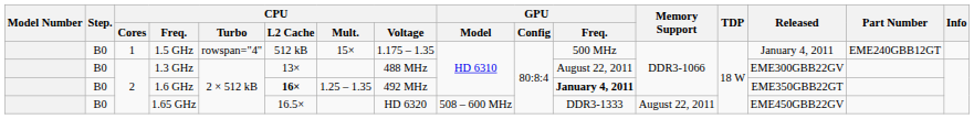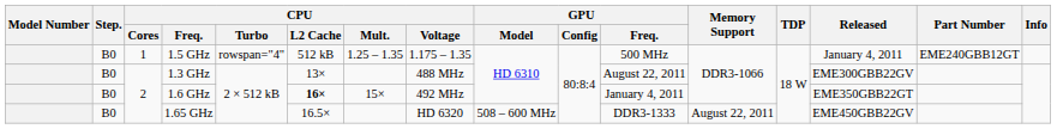 <table class="wikitable" style="text-align: center;">
 <tr>
 <th rowspan="2">Model Number</th>
 <th rowspan="2">Step.</th>
 <th colspan="6">CPU</th>
 <th colspan="3">GPU</th>
 <th rowspan="2">Memory<br>Support</th>
 <th rowspan="2">TDP</th>
 <th rowspan="2">Released</th>
 <th rowspan="2">Part Number</th>
 <th rowspan="2">Info</th>
 </tr>
 <tr>
 <th>Cores</th>
 <th>Freq.</th>
 <th>Turbo</th>
 <th>L2 Cache</th>
 <th>Mult.</th>
 <th>Voltage</th>
 <th>Model</th>
 <th>Config</th>
 <th>Freq.</th>
 </tr>
 <tr>
 <th style="text-align: left;"></th>
 <td>B0</td>
 <td>1</td>
 <td>1.5 GHz</td>
 <td>rowspan="4" </td>
 <td>512 kB</td>
-<td>15×</td>
+<td>1.25 – 1.35</td>
 <td>1.175 – 1.35</td>
 <td rowspan="3"><a href='#'>HD 6310</a></td>
 <td rowspan="4">80:8:4</td>
 <td>500 MHz</td>
 <td rowspan="3">DDR3-1066</td>
 <td rowspan="4">18 W</td>
 <td>January 4, 2011</td>
 <td>EME240GBB12GT</td>
 <td></td>
 </tr>
 <tr>
 <th style="text-align: left;"></th>
 <td>B0</td>
 <td rowspan="3">2</td>
 <td>1.3 GHz</td>
 <td rowspan="3">2 × 512 kB</td>
 <td>13×</td>
 <td></td>
 <td>488 MHz</td>
 <td>August 22, 2011</td>
 <td>EME300GBB22GV</td>
 <td></td>
 </tr>
 <tr>
 <th style="text-align: left;"></th>
 <td>B0</td>
 <td>1.6 GHz</td>
 <td><strong>16×</strong></td>
-<td>1.25 – 1.35</td>
+<td>15×</td>
 <td>492 MHz</td>
-<td><strong>January 4, 2011</strong></td>
+<td>January 4, 2011</td>
 <td>EME350GBB22GT</td>
 <td></td>
 </tr>
 <tr>
 <th style="text-align: left;"></th>
 <td>B0</td>
 <td>1.65 GHz</td>
 <td>16.5×</td>
 <td></td>
 <td>HD 6320</td>
 <td>508 – 600 MHz</td>
 <td>DDR3-1333</td>
 <td>August 22, 2011</td>
 <td>EME450GBB22GV</td>
 <td></td>
 </tr>
 </table>
